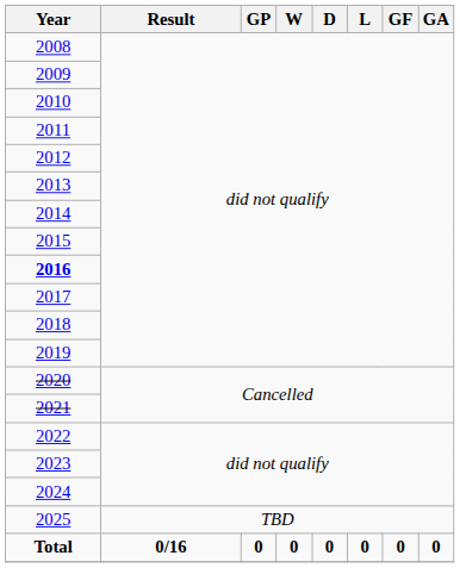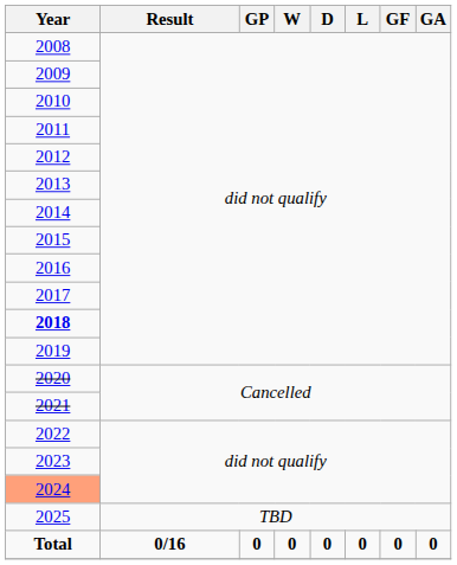 <table class="wikitable" style="text-align: center;">
 <tr>
 <th width=80>Year</th>
 <th width=120>Result</th>
 <th width=25>GP</th>
 <th width=25>W</th>
 <th width=25>D</th>
 <th width=25>L</th>
 <th width=25>GF</th>
 <th width=25>GA</th>
 </tr>
 <tr>
 <td> <a href='#'>2008</a></td>
 <td colspan=8 rowspan=12><em>did not qualify</em></td>
 </tr>
 <tr>
 <td> <a href='#'>2009</a></td>
 </tr>
 <tr>
 <td> <a href='#'>2010</a></td>
 </tr>
 <tr>
 <td> <a href='#'>2011</a></td>
 </tr>
 <tr>
 <td> <a href='#'>2012</a></td>
 </tr>
 <tr>
 <td> <a href='#'>2013</a></td>
 </tr>
 <tr>
 <td> <a href='#'>2014</a></td>
 </tr>
 <tr>
 <td> <a href='#'>2015</a></td>
 </tr>
 <tr>
-<td><strong> <a href='#'>2016</a></strong></td>
+<td> <a href='#'>2016</a></td>
 </tr>
 <tr>
 <td> <a href='#'>2017</a></td>
 </tr>
 <tr>
-<td> <a href='#'>2018</a></td>
+<td><strong> <a href='#'>2018</a></strong></td>
 </tr>
 <tr>
 <td> <a href='#'>2019</a></td>
 </tr>
 <tr>
 <td> <s><a href='#'>2020</a></s></td>
 <td colspan=8 rowspan=2><em>Cancelled</em></td>
 </tr>
 <tr>
 <td> <s><a href='#'>2021</a></s></td>
 </tr>
 <tr>
 <td> <a href='#'>2022</a></td>
 <td colspan=8 rowspan=3><em>did not qualify</em></td>
 </tr>
 <tr>
 <td> <a href='#'>2023</a></td>
 </tr>
 <tr>
-<td> <a href='#'>2024</a></td>
+<td style="background: lightsalmon;"> <a href='#'>2024</a></td>
 </tr>
 <tr>
 <td> <a href='#'>2025</a></td>
 <td colspan=8><em>TBD</em></td>
 </tr>
 <tr>
 <td><strong>Total</strong></td>
 <td><strong>0/16</strong></td>
 <td><strong>0</strong></td>
 <td><strong>0</strong></td>
 <td><strong>0</strong></td>
 <td><strong>0</strong></td>
 <td><strong>0</strong></td>
 <td><strong>0</strong></td>
 </tr>
 <tr>
 </tr>
 </table>
